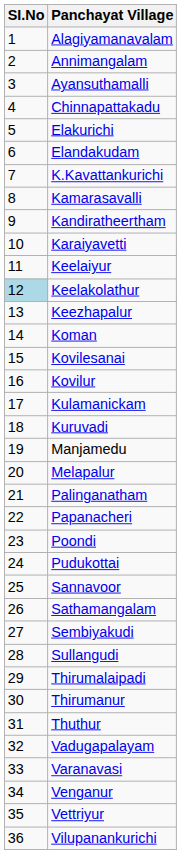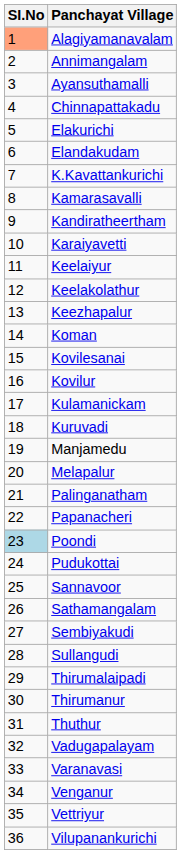 <table class="wikitable sortable">
 <tr>
 <th>SI.No</th>
 <th>Panchayat Village</th>
 </tr>
 <tr>
-<td>1</td>
+<td style="background: lightsalmon;">1</td>
 <td><a href='#'>Alagiyamanavalam</a></td>
 </tr>
 <tr>
 <td>2</td>
 <td><a href='#'>Annimangalam</a></td>
 </tr>
 <tr>
 <td>3</td>
 <td><a href='#'>Ayansuthamalli</a></td>
 </tr>
 <tr>
 <td>4</td>
 <td><a href='#'>Chinnapattakadu</a></td>
 </tr>
 <tr>
 <td>5</td>
 <td><a href='#'>Elakurichi</a></td>
 </tr>
 <tr>
 <td>6</td>
 <td><a href='#'>Elandakudam</a></td>
 </tr>
 <tr>
 <td>7</td>
 <td><a href='#'>K.Kavattankurichi</a></td>
 </tr>
 <tr>
 <td>8</td>
 <td><a href='#'>Kamarasavalli</a></td>
 </tr>
 <tr>
 <td>9</td>
 <td><a href='#'>Kandiratheertham</a></td>
 </tr>
 <tr>
 <td>10</td>
 <td><a href='#'>Karaiyavetti</a></td>
 </tr>
 <tr>
 <td>11</td>
 <td><a href='#'>Keelaiyur</a></td>
 </tr>
 <tr>
-<td style="background: lightblue;">12</td>
+<td>12</td>
 <td><a href='#'>Keelakolathur</a></td>
 </tr>
 <tr>
 <td>13</td>
 <td><a href='#'>Keezhapalur</a></td>
 </tr>
 <tr>
 <td>14</td>
 <td><a href='#'>Koman</a></td>
 </tr>
 <tr>
 <td>15</td>
 <td><a href='#'>Kovilesanai</a></td>
 </tr>
 <tr>
 <td>16</td>
 <td><a href='#'>Kovilur</a></td>
 </tr>
 <tr>
 <td>17</td>
 <td><a href='#'>Kulamanickam</a></td>
 </tr>
 <tr>
 <td>18</td>
 <td><a href='#'>Kuruvadi</a></td>
 </tr>
 <tr>
 <td>19</td>
 <td>Manjamedu</td>
 </tr>
 <tr>
 <td>20</td>
 <td><a href='#'>Melapalur</a></td>
 </tr>
 <tr>
 <td>21</td>
 <td><a href='#'>Palinganatham</a></td>
 </tr>
 <tr>
 <td>22</td>
 <td><a href='#'>Papanacheri</a></td>
 </tr>
 <tr>
-<td>23</td>
+<td style="background: lightblue;">23</td>
 <td><a href='#'>Poondi</a></td>
 </tr>
 <tr>
 <td>24</td>
 <td><a href='#'>Pudukottai</a></td>
 </tr>
 <tr>
 <td>25</td>
 <td><a href='#'>Sannavoor</a></td>
 </tr>
 <tr>
 <td>26</td>
 <td><a href='#'>Sathamangalam</a></td>
 </tr>
 <tr>
 <td>27</td>
 <td><a href='#'>Sembiyakudi</a></td>
 </tr>
 <tr>
 <td>28</td>
 <td><a href='#'>Sullangudi</a></td>
 </tr>
 <tr>
 <td>29</td>
 <td><a href='#'>Thirumalaipadi</a></td>
 </tr>
 <tr>
 <td>30</td>
 <td><a href='#'>Thirumanur</a></td>
 </tr>
 <tr>
 <td>31</td>
 <td><a href='#'>Thuthur</a></td>
 </tr>
 <tr>
 <td>32</td>
 <td><a href='#'>Vadugapalayam</a></td>
 </tr>
 <tr>
 <td>33</td>
 <td><a href='#'>Varanavasi</a></td>
 </tr>
 <tr>
 <td>34</td>
 <td><a href='#'>Venganur</a></td>
 </tr>
 <tr>
 <td>35</td>
 <td><a href='#'>Vettriyur</a></td>
 </tr>
 <tr>
 <td>36</td>
 <td><a href='#'>Vilupanankurichi</a></td>
 </tr>
 </table>
